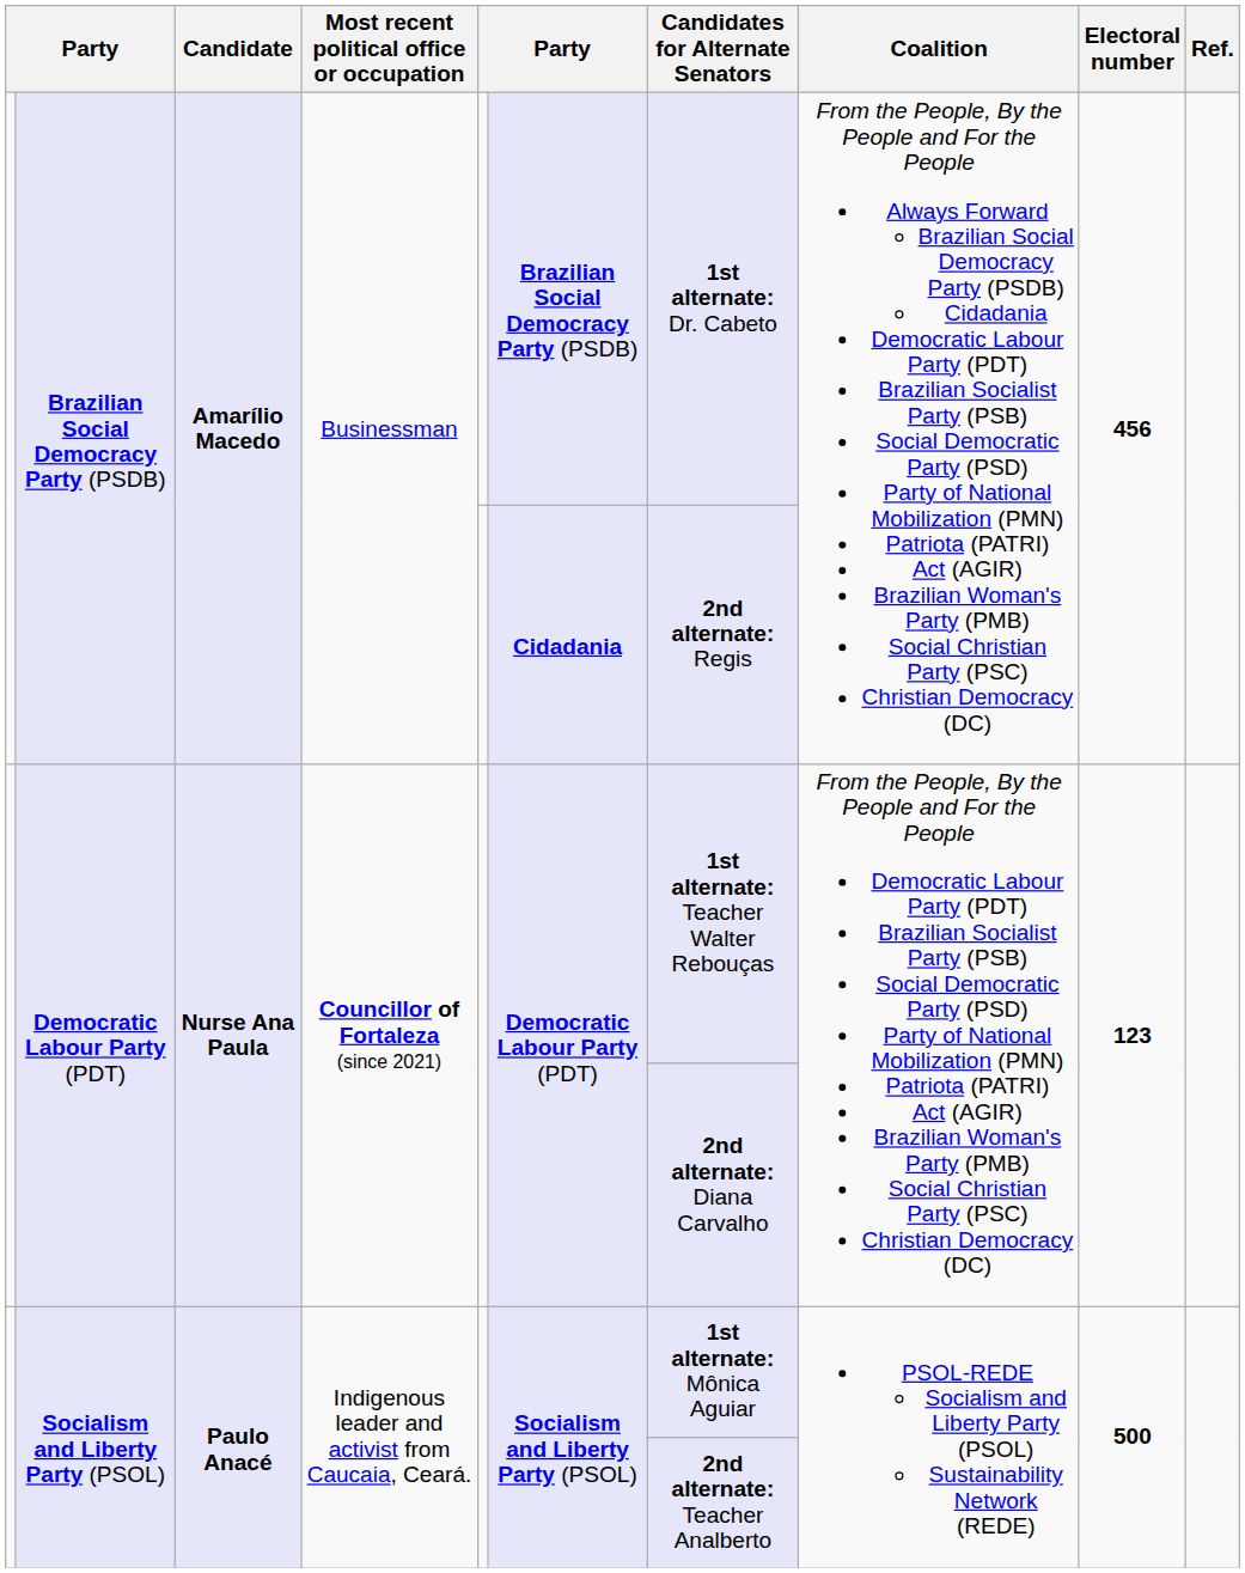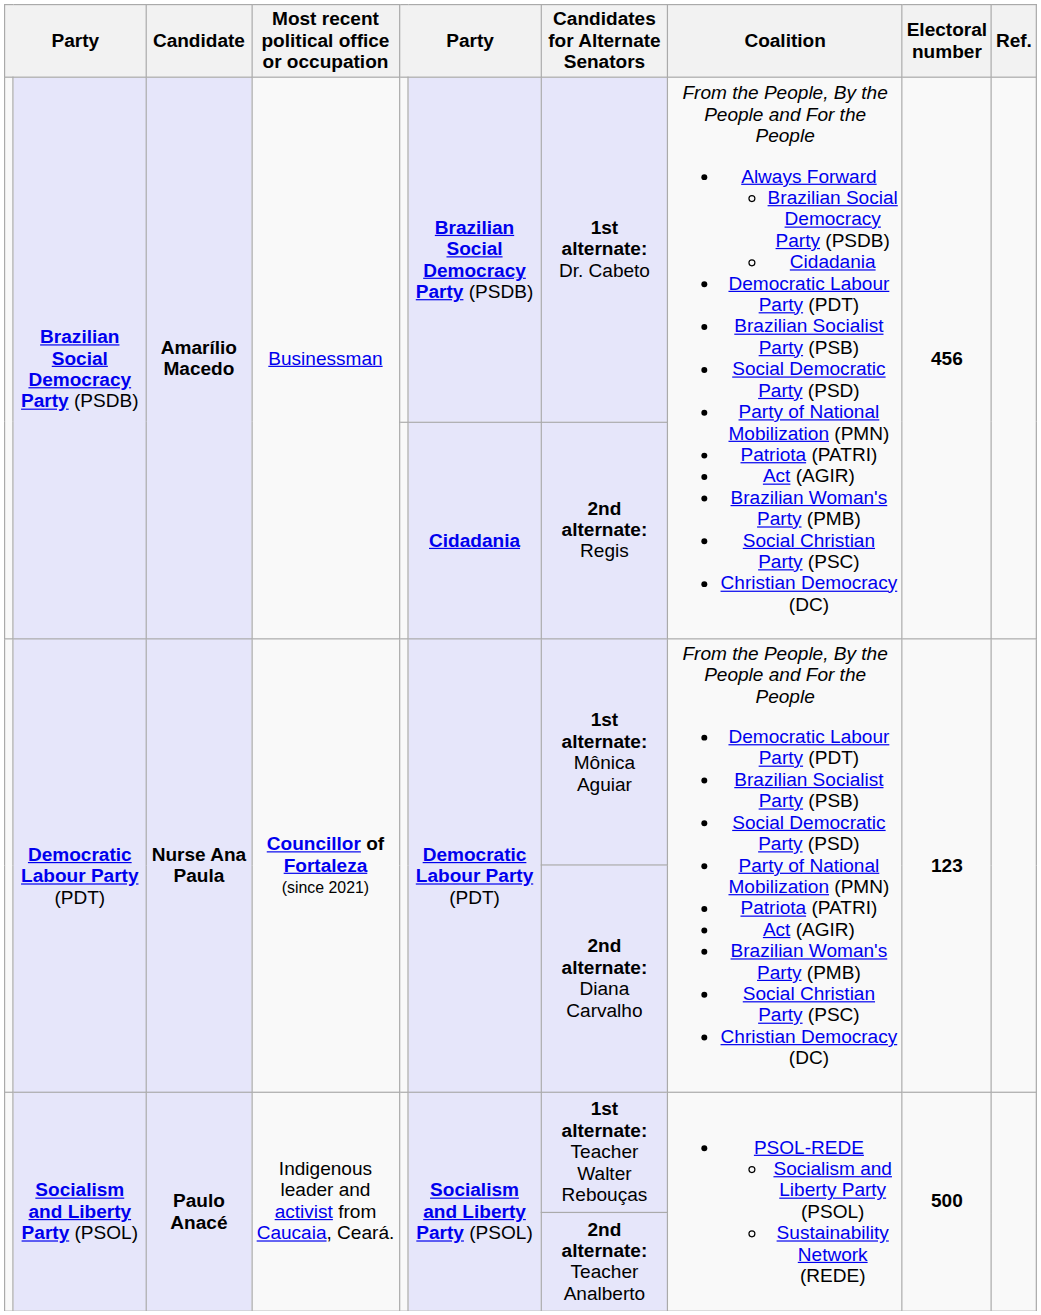 <table class="wikitable" style="text-align:center;">
 <tr>
 <th colspan="2">Party</th>
 <th>Candidate</th>
 <th>Most recent political office or occupation</th>
 <th colspan="2">Party</th>
 <th>Candidates for Alternate Senators</th>
 <th>Coalition</th>
 <th>Electoral<br>number</th>
 <th>Ref.</th>
 </tr>
 <tr>
 <td rowspan="2" style="background-color:"></td>
 <td rowspan="2" style="background:lavender;"><br><strong><a href='#'>Brazilian Social Democracy Party</a></strong> (PSDB)</td>
 <td rowspan="2" style="background:lavender;"><strong>Amarílio Macedo</strong></td>
 <td rowspan="2"><a href='#'>Businessman</a></td>
 <td style="background-color:"></td>
 <td style="background:lavender;"><br><strong><a href='#'>Brazilian Social Democracy Party</a></strong> (PSDB)</td>
 <td style="background:lavender;"><strong>1st alternate:</strong><br>Dr. Cabeto</td>
 <td rowspan="2"><em>From the People, By the People and For the People</em><br><ul><li><a href='#'>Always Forward</a><ul><li><a href='#'>Brazilian Social Democracy Party</a> (PSDB)</li><li><a href='#'>Cidadania</a></li></ul></li><li><a href='#'>Democratic Labour Party</a> (PDT)</li><li><a href='#'>Brazilian Socialist Party</a> (PSB)</li><li><a href='#'>Social Democratic Party</a> (PSD)</li><li><a href='#'>Party of National Mobilization</a> (PMN)</li><li><a href='#'>Patriota</a> (PATRI)</li><li><a href='#'>Act</a> (AGIR)</li><li><a href='#'>Brazilian Woman's Party</a> (PMB)</li><li><a href='#'>Social Christian Party</a> (PSC)</li><li><a href='#'>Christian Democracy</a> (DC)</li></ul></td>
 <td rowspan="2"><strong>456</strong></td>
 <td rowspan="2"></td>
 </tr>
 <tr>
 <td style="background-color:"></td>
 <td style="background:lavender;"><br><strong><a href='#'>Cidadania</a></strong></td>
 <td style="background:lavender;"><strong>2nd alternate:</strong><br>Regis</td>
 </tr>
 <tr>
 <td rowspan="2" style="background-color:"></td>
 <td rowspan="2"  style="background:lavender;"><strong><br><a href='#'>Democratic Labour Party</a></strong> (PDT)</td>
 <td rowspan="2" style="background:lavender;"><strong>Nurse Ana Paula</strong></td>
 <td rowspan="2"><strong><a href='#'>Councillor</a> of <a href='#'>Fortaleza</a></strong><br><small>(since 2021)</small></td>
 <td rowspan="2" style="background-color:"></td>
 <td rowspan="2" style="background:lavender;"><strong><br><a href='#'>Democratic Labour Party</a></strong> (PDT)</td>
-<td style="background:lavender;"><strong>1st alternate:</strong><br>Teacher Walter Rebouças</td>
+<td style="background:lavender;"><strong>1st alternate:</strong><br>Mônica Aguiar</td>
 <td rowspan="2"><em>From the People, By the People and For the People</em><br><ul><li><a href='#'>Democratic Labour Party</a> (PDT)</li><li><a href='#'>Brazilian Socialist Party</a> (PSB)</li><li><a href='#'>Social Democratic Party</a> (PSD)</li><li><a href='#'>Party of National Mobilization</a> (PMN)</li><li><a href='#'>Patriota</a> (PATRI)</li><li><a href='#'>Act</a> (AGIR)</li><li><a href='#'>Brazilian Woman's Party</a> (PMB)</li><li><a href='#'>Social Christian Party</a> (PSC)</li><li><a href='#'>Christian Democracy</a> (DC)</li></ul></td>
 <td rowspan="2"><strong>123</strong></td>
 <td rowspan="2"></td>
 </tr>
 <tr>
 <td style="background:lavender;"><strong>2nd alternate:</strong><br>Diana Carvalho</td>
 </tr>
 <tr>
 <td rowspan="2" style="background-color:"></td>
 <td rowspan="2" style="background:lavender;"><strong></strong><br><strong><a href='#'>Socialism and Liberty Party</a></strong> (PSOL)</td>
 <td rowspan="2" style="background:lavender;"><br><strong>Paulo Anacé</strong></td>
 <td rowspan="2">Indigenous leader and <a href='#'>activist</a> from <a href='#'>Caucaia</a>, Ceará.</td>
 <td rowspan="2" style="background-color:"></td>
 <td rowspan="2" style="background:lavender;"><strong></strong><br><strong><a href='#'>Socialism and Liberty Party</a></strong> (PSOL)</td>
-<td style="background:lavender;"><strong>1st alternate:</strong><br>Mônica Aguiar</td>
+<td style="background:lavender;"><strong>1st alternate:</strong><br>Teacher Walter Rebouças</td>
 <td rowspan="2"><br><ul><li><a href='#'>PSOL-REDE</a><ul><li><a href='#'>Socialism and Liberty Party</a> (PSOL)</li><li><a href='#'>Sustainability Network</a> (REDE)</li></ul></li></ul></td>
 <td rowspan="2"><strong>500</strong></td>
 <td rowspan="2"></td>
 </tr>
 <tr>
 <td style="background:lavender;"><strong>2nd alternate:</strong><br>Teacher Analberto</td>
 </tr>
 </table>
